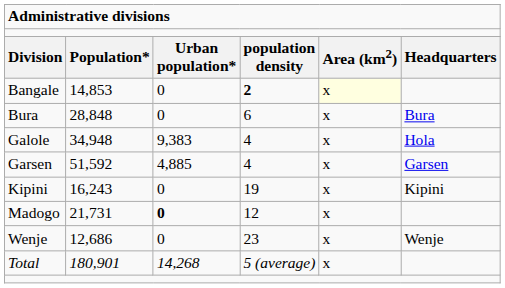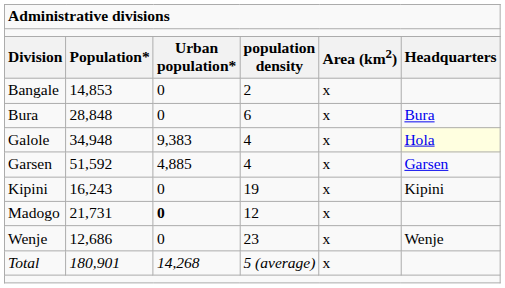 <table class="wikitable">
 <tr>
 <td colspan="6"><strong>Administrative divisions</strong></td>
 </tr>
 <tr>
 <td colspan="6"></td>
 </tr>
 <tr>
 <th>Division</th>
 <th>Population*</th>
 <th>Urban<br> population*</th>
 <th>population<br> density</th>
 <th>Area (km<sup>2</sup>)</th>
 <th>Headquarters</th>
 </tr>
 <tr>
 <td>Bangale</td>
 <td>14,853</td>
 <td>0</td>
-<td><strong>2</strong></td>
-<td style="background: lightyellow;">x</td>
+<td>2</td>
+<td>x</td>
 <td></td>
 </tr>
 <tr>
 <td>Bura</td>
 <td>28,848</td>
 <td>0</td>
 <td>6</td>
 <td>x</td>
 <td><a href='#'>Bura</a></td>
 </tr>
 <tr>
 <td>Galole</td>
 <td>34,948</td>
 <td>9,383</td>
 <td>4</td>
 <td>x</td>
-<td><a href='#'>Hola</a></td>
+<td style="background: lightyellow;"><a href='#'>Hola</a></td>
 </tr>
 <tr>
 <td>Garsen</td>
 <td>51,592</td>
 <td>4,885</td>
 <td>4</td>
 <td>x</td>
 <td><a href='#'>Garsen</a></td>
 </tr>
 <tr>
 <td>Kipini</td>
 <td>16,243</td>
 <td>0</td>
 <td>19</td>
 <td>x</td>
 <td>Kipini</td>
 </tr>
 <tr>
 <td>Madogo</td>
 <td>21,731</td>
 <td><strong>0</strong></td>
 <td>12</td>
 <td>x</td>
 <td></td>
 </tr>
 <tr>
 <td>Wenje</td>
 <td>12,686</td>
 <td>0</td>
 <td>23</td>
 <td>x</td>
 <td>Wenje</td>
 </tr>
 <tr>
 <td><em>Total</em></td>
 <td><em>180,901</em></td>
 <td><em>14,268</em></td>
 <td><em>5 (average)</em></td>
 <td>x</td>
 <td></td>
 </tr>
 <tr>
 <td colspan="6"></td>
 </tr>
 </table>
